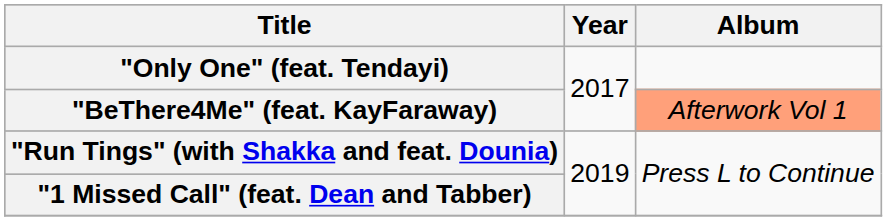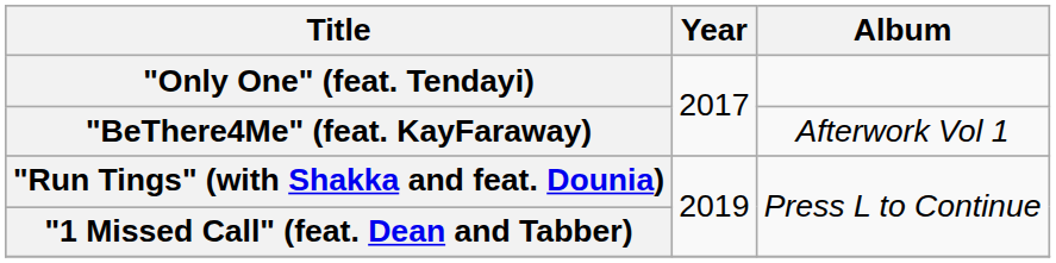 <table class="wikitable plainrowheaders" style="text-align:center;">
 <tr>
 <th scope="col">Title</th>
 <th scope="col">Year</th>
 <th scope="col">Album</th>
 </tr>
 <tr>
 <th scope="row">"Only One" (feat. Tendayi)</th>
 <td rowspan="2">2017</td>
 <td></td>
 </tr>
 <tr>
 <th scope="row">"BeThere4Me" (feat. KayFaraway)</th>
-<td style="background: lightsalmon;"><em>Afterwork Vol 1</em></td>
+<td><em>Afterwork Vol 1</em></td>
 </tr>
 <tr>
 <th scope="row">"Run Tings" (with <a href='#'>Shakka</a> and feat. <a href='#'>Dounia</a>)</th>
 <td rowspan="2">2019</td>
 <td rowspan="2"><em>Press L to Continue</em></td>
 </tr>
 <tr>
 <th scope="row">"1 Missed Call" (feat. <a href='#'>Dean</a> and Tabber)</th>
 </tr>
 <tr>
 </tr>
 </table>
